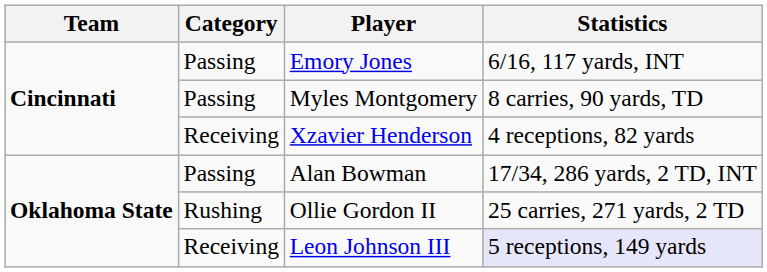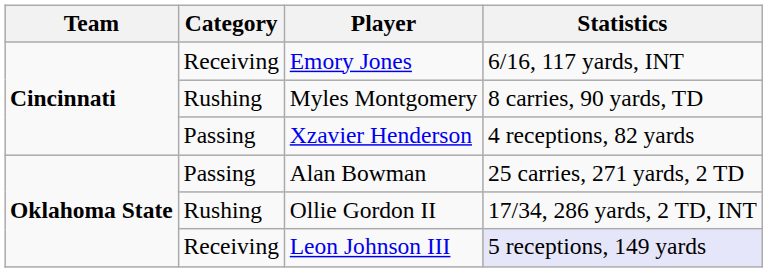 <table class="wikitable" style="float: right;">
 <tr>
 <th>Team</th>
 <th>Category</th>
 <th>Player</th>
 <th>Statistics</th>
 </tr>
 <tr>
 <td rowspan=3><strong>Cincinnati</strong></td>
-<td>Passing</td>
+<td>Receiving</td>
 <td><a href='#'>Emory Jones</a></td>
 <td>6/16, 117 yards, INT</td>
 </tr>
 <tr>
-<td>Passing</td>
+<td>Rushing</td>
 <td>Myles Montgomery</td>
 <td>8 carries, 90 yards, TD</td>
 </tr>
 <tr>
-<td>Receiving</td>
+<td>Passing</td>
 <td><a href='#'>Xzavier Henderson</a></td>
 <td>4 receptions, 82 yards</td>
 </tr>
 <tr>
 <td rowspan=3><strong>Oklahoma State</strong></td>
 <td>Passing</td>
 <td>Alan Bowman</td>
-<td>17/34, 286 yards, 2 TD, INT</td>
+<td>25 carries, 271 yards, 2 TD</td>
 </tr>
 <tr>
 <td>Rushing</td>
 <td>Ollie Gordon II</td>
-<td>25 carries, 271 yards, 2 TD</td>
+<td>17/34, 286 yards, 2 TD, INT</td>
 </tr>
 <tr>
 <td>Receiving</td>
 <td><a href='#'>Leon Johnson III</a></td>
 <td style="background: lavender;">5 receptions, 149 yards</td>
 </tr>
 </table>
